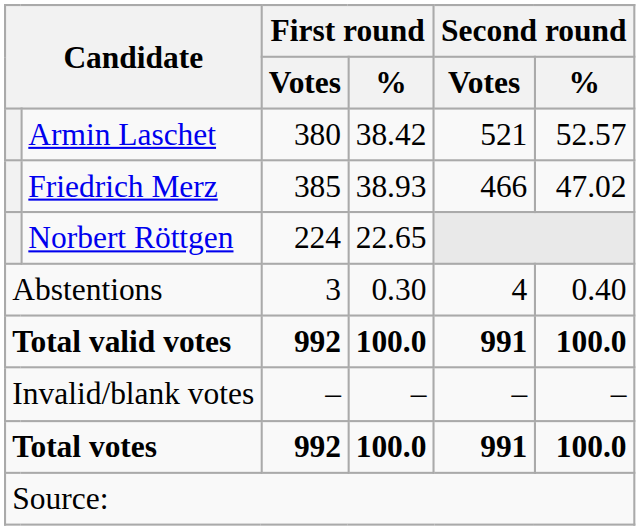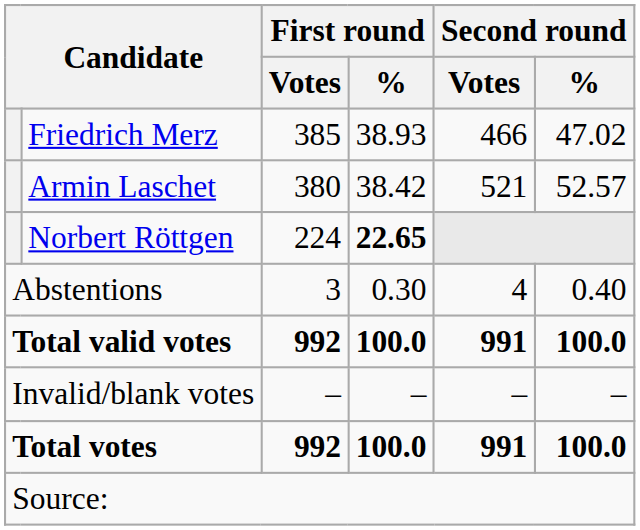 <table class="wikitable" style="font-size:95%">
 <tr bgcolor="#E9E9E9">
 <th colspan="2" rowspan="2">Candidate</th>
 <th colspan="2">First round</th>
 <th colspan="2">Second round</th>
 </tr>
 <tr bgcolor="#E9E9E9">
 <th>Votes</th>
 <th>%</th>
 <th>Votes</th>
 <th>%</th>
 </tr>
 <tr>
 <th style="color:inherit;background:"></th>
+<td align="left"><a href='#'>Friedrich Merz</a></td>
+<td align="right">385</td>
+<td align="right">38.93</td>
+<td align="right">466</td>
+<td align="right">47.02</td>
+</tr>
+<tr>
+<th style="color:inherit;background:"></th>
 <td align="left"><a href='#'>Armin Laschet</a></td>
 <td align="right">380</td>
 <td align="right">38.42</td>
 <td align="right">521</td>
 <td align="right">52.57</td>
 </tr>
 <tr>
 <th style="color:inherit;background:"></th>
-<td align="left"><a href='#'>Friedrich Merz</a></td>
-<td align="right">385</td>
-<td align="right">38.93</td>
-<td align="right">466</td>
-<td align="right">47.02</td>
-</tr>
-<tr>
-<th style="color:inherit;background:"></th>
 <td align="left"><a href='#'>Norbert Röttgen</a></td>
 <td align="right">224</td>
-<td align="right">22.65</td>
+<td align="right"><strong>22.65</strong></td>
 <td colspan="2" style="background-color:#E9E9E9"></td>
 </tr>
 <tr>
 <td colspan="2" align=left>Abstentions</td>
 <td align="right">3</td>
 <td align="right">0.30</td>
 <td align="right">4</td>
 <td align="right">0.40</td>
 </tr>
 <tr>
 <td colspan="2" align="left"><strong>Total valid votes</strong></td>
 <td align="right"> <strong>992</strong></td>
 <td align="right"><strong>100.0</strong></td>
 <td align="right"> <strong>991</strong></td>
 <td align="right"><strong>100.0</strong></td>
 </tr>
 <tr>
 <td colspan="2" align=left>Invalid/blank votes</td>
 <td align="right">–</td>
 <td align="right">–</td>
 <td align="right">–</td>
 <td align="right">–</td>
 </tr>
 <tr>
 <td colspan="2" align="left"><strong>Total votes</strong></td>
 <td align="right"><strong>992</strong></td>
 <td align="right"><strong>100.0</strong></td>
 <td align="right"> <strong>991</strong></td>
 <td align="right"><strong>100.0</strong></td>
 </tr>
 <tr>
 <td colspan="6">Source:</td>
 </tr>
 </table>
